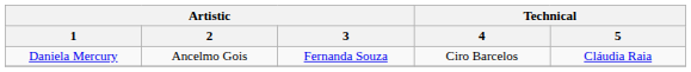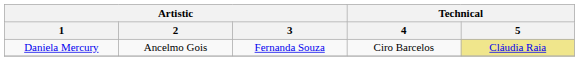 <table class="wikitable" style="font-size:90%; line-height:16px; text-align:center" width="85%">
 <tr>
 <th colspan=3>Artistic</th>
 <th colspan=2>Technical</th>
 </tr>
 <tr>
 <th>1</th>
 <th>2</th>
 <th>3</th>
 <th>4</th>
 <th>5</th>
 </tr>
 <tr>
 <td width=150><a href='#'>Daniela Mercury</a></td>
 <td width=150>Ancelmo Gois</td>
 <td width=150><a href='#'>Fernanda Souza</a></td>
 <td width=150>Ciro Barcelos</td>
-<td width=150><a href='#'>Cláudia Raia</a></td>
+<td width=150 style="background: khaki;"><a href='#'>Cláudia Raia</a></td>
 </tr>
 <tr>
 </tr>
 </table>
